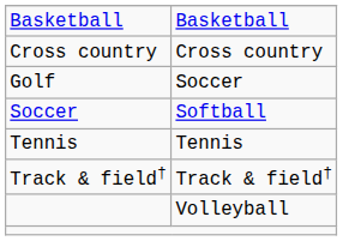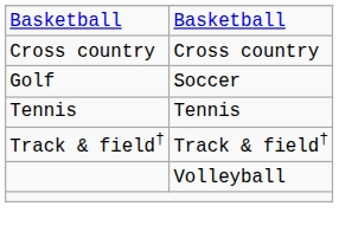 <table class="wikitable" style= " ">
 <tr>
 </tr>
 <tr>
 <td><a href='#'>Basketball</a></td>
 <td><a href='#'>Basketball</a></td>
 </tr>
 <tr>
 <td>Cross country</td>
 <td>Cross country</td>
 </tr>
 <tr>
 <td>Golf</td>
 <td>Soccer</td>
-</tr>
-<tr>
-<td><a href='#'>Soccer</a></td>
-<td><a href='#'>Softball</a></td>
 </tr>
 <tr>
 <td>Tennis</td>
 <td>Tennis</td>
 </tr>
 <tr>
 <td>Track & field<sup>†</sup></td>
 <td>Track & field<sup>†</sup></td>
 </tr>
 <tr>
 <td></td>
 <td>Volleyball</td>
 </tr>
 <tr>
 <td colspan="2"></td>
 </tr>
 </table>
